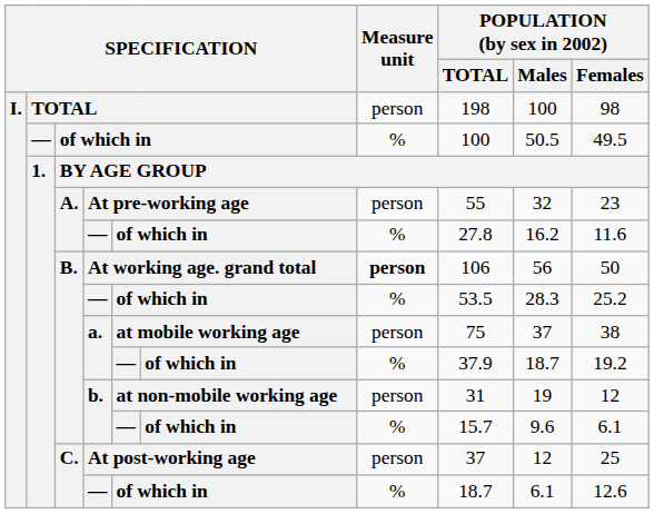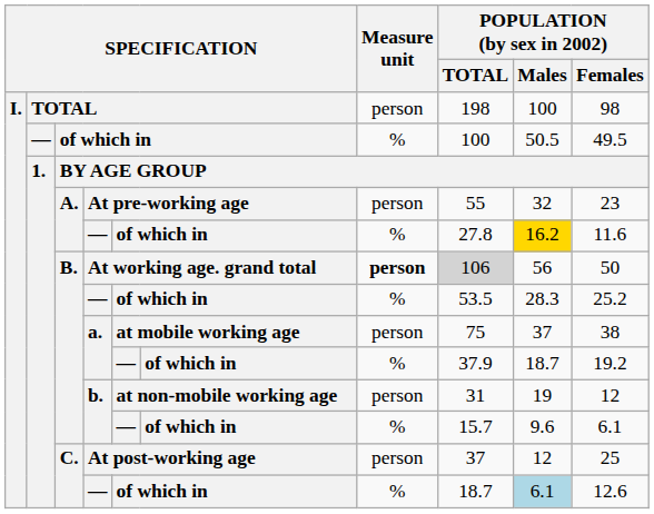 <table class="wikitable" style="font-size:85%; text-align:center">
 <tr>
 <th rowspan="2" colspan="6">SPECIFICATION</th>
 <th rowspan="2">Measure<br> unit</th>
 <th colspan="3" rowspan="1">POPULATION<br> (by sex in 2002)</th>
 </tr>
 <tr>
 <th>TOTAL</th>
 <th>Males</th>
 <th>Females</th>
 </tr>
 <tr>
 <th style="text-align:left" valign="top" rowspan="13">I.</th>
 <th style="text-align:left" colspan="5">TOTAL</th>
 <td>person</td>
 <td>198</td>
 <td>100</td>
 <td>98</td>
 </tr>
 <tr>
 <th style="text-align:left" valign="top">—</th>
 <th style="text-align:left" colspan="4">of which in</th>
 <td>%</td>
 <td>100</td>
 <td>50.5</td>
 <td>49.5</td>
 </tr>
 <tr>
 <th style="text-align:left" valign="top" rowspan="11">1.</th>
 <th style="text-align:left" colspan="19">BY AGE GROUP</th>
 </tr>
 <tr>
 <th style="text-align:left" valign="top" rowspan="2">A.</th>
 <th style="text-align:left" colspan="3">At pre-working age</th>
 <td>person</td>
 <td>55</td>
 <td>32</td>
 <td>23</td>
 </tr>
 <tr>
 <th style="text-align:left" valign="top">—</th>
 <th style="text-align:left" valign="top" colspan="2">of which in</th>
 <td>%</td>
 <td>27.8</td>
-<td>16.2</td>
+<td style="background: gold;">16.2</td>
 <td>11.6</td>
 </tr>
 <tr>
 <th style="text-align:left" valign="top" rowspan="6">B.</th>
 <th style="text-align:left" colspan="3">At working age. grand total</th>
 <td><strong>person</strong></td>
-<td>106</td>
+<td style="background: lightgrey;">106</td>
 <td>56</td>
 <td>50</td>
 </tr>
 <tr>
 <th style="text-align:left" valign="top">—</th>
 <th style="text-align:left" valign="top" colspan="2">of which in</th>
 <td>%</td>
 <td>53.5</td>
 <td>28.3</td>
 <td>25.2</td>
 </tr>
 <tr>
 <th style="text-align:left" valign="top" rowspan="2">a.</th>
 <th style="text-align:left" colspan="2">at mobile working age</th>
 <td>person</td>
 <td>75</td>
 <td>37</td>
 <td>38</td>
 </tr>
 <tr>
 <th style="text-align:left" valign="top">—</th>
 <th style="text-align:left" valign="top" colspan="1">of which in                        </th>
 <td>%</td>
 <td>37.9</td>
 <td>18.7</td>
 <td>19.2</td>
 </tr>
 <tr>
 <th style="text-align:left" valign="top" rowspan="2">b.</th>
 <th style="text-align:left" colspan="2">at non-mobile working age</th>
 <td>person</td>
 <td>31</td>
 <td>19</td>
 <td>12</td>
 </tr>
 <tr>
 <th style="text-align:left" valign="top">—</th>
 <th style="text-align:left" valign="top" colspan="1">of which in                        </th>
 <td>%</td>
 <td>15.7</td>
 <td>9.6</td>
 <td>6.1</td>
 </tr>
 <tr>
 <th style="text-align:left" valign="top" rowspan="2">C.</th>
 <th style="text-align:left" colspan="3">At post-working age</th>
 <td>person</td>
 <td>37</td>
 <td>12</td>
 <td>25</td>
 </tr>
 <tr>
 <th style="text-align:left" valign="top">—</th>
 <th style="text-align:left" valign="top" colspan="2">of which in</th>
 <td>%</td>
 <td>18.7</td>
-<td>6.1</td>
+<td style="background: lightblue;">6.1</td>
 <td>12.6</td>
 </tr>
 </table>
